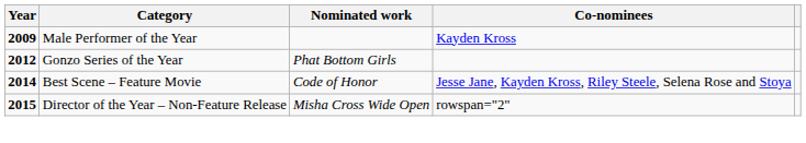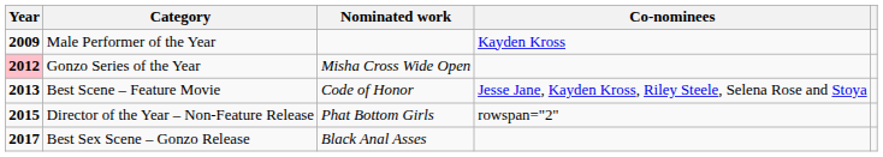 <table class="wikitable">
 <tr>
 <th>Year</th>
 <th>Category</th>
 <th>Nominated work</th>
 <th>Co-nominees</th>
 <th></th>
 </tr>
 <tr>
 <td><strong>2009</strong></td>
 <td>Male Performer of the Year</td>
 <td></td>
 <td><a href='#'>Kayden Kross</a></td>
 <td></td>
 </tr>
 <tr>
-<td><strong>2012</strong></td>
+<td style="background: pink;"><strong>2012</strong></td>
 <td>Gonzo Series of the Year</td>
-<td><em>Phat Bottom Girls</em></td>
+<td><em>Misha Cross Wide Open</em></td>
 <td></td>
 </tr>
 <tr>
-<td><strong>2014</strong></td>
+<td><strong>2013</strong></td>
 <td>Best Scene – Feature Movie</td>
 <td><em>Code of Honor</em></td>
 <td><a href='#'>Jesse Jane</a>, <a href='#'>Kayden Kross</a>, <a href='#'>Riley Steele</a>, Selena Rose and <a href='#'>Stoya</a></td>
 <td></td>
 </tr>
 <tr>
 <td><strong>2015</strong></td>
 <td>Director of the Year – Non-Feature Release</td>
-<td><em>Misha Cross Wide Open</em></td>
+<td><em>Phat Bottom Girls</em></td>
 <td>rowspan="2" </td>
 <td></td>
 </tr>
+<tr>
+<td><strong>2017</strong></td>
+<td>Best Sex Scene – Gonzo Release</td>
+<td><em>Black Anal Asses</em></td>
+<td></td>
+<td></td>
+</tr>
 </table>
